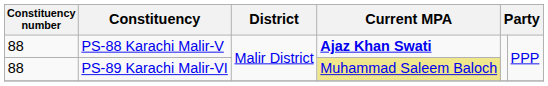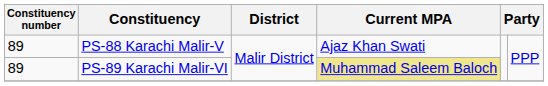 <table class="wikitable">
 <tr>
 <th width="50px" style="font-size:75%">Constituency number</th>
 <th>Constituency</th>
 <th>District</th>
 <th>Current MPA</th>
 <th colspan="2">Party</th>
 </tr>
 <tr>
-<td>88</td>
+<td>89</td>
 <td><a href='#'>PS-88 Karachi Malir-V</a></td>
 <td rowspan="2"><a href='#'>Malir District</a></td>
-<td><strong><a href='#'>Ajaz Khan Swati</a></strong></td>
+<td><a href='#'>Ajaz Khan Swati</a></td>
 <td rowspan="2"></td>
 <td rowspan="2"><a href='#'>PPP</a></td>
 </tr>
 <tr>
-<td>88</td>
+<td>89</td>
 <td><a href='#'>PS-89 Karachi Malir-VI</a></td>
 <td style="background: khaki;"><a href='#'>Muhammad Saleem Baloch</a></td>
 </tr>
 <tr>
 </tr>
 </table>
